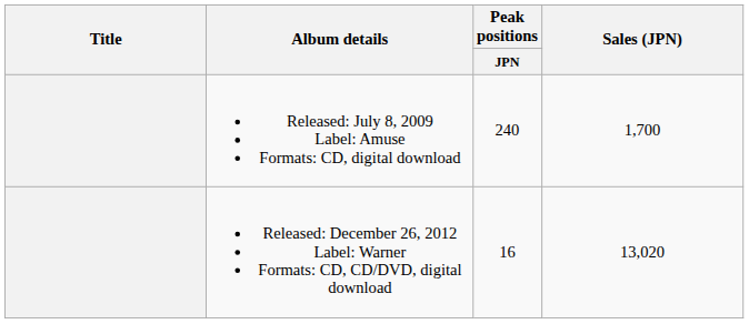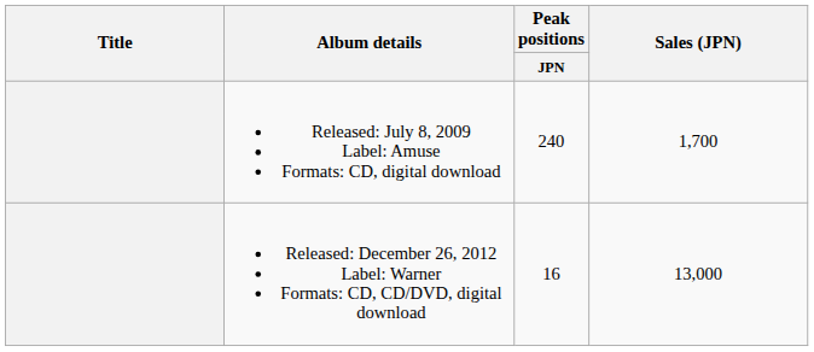 <table class="wikitable plainrowheaders" style="text-align:center;">
 <tr>
 <th style="width:12em;" rowspan="2">Title</th>
 <th style="width:16em;" rowspan="2">Album details</th>
 <th colspan="1">Peak positions</th>
 <th style="width:12em;" rowspan="2">Sales (JPN)</th>
 </tr>
 <tr>
 <th style="width:2.5em;"><small>JPN</small><br></th>
 </tr>
 <tr>
 <th scope="row"></th>
 <td><br><ul><li>Released: July 8, 2009</li><li>Label: Amuse</li><li>Formats: CD, digital download</li></ul></td>
 <td>240</td>
 <td>1,700</td>
 </tr>
 <tr>
 <th scope="row"></th>
 <td><br><ul><li>Released: December 26, 2012</li><li>Label: Warner</li><li>Formats: CD, CD/DVD, digital download</li></ul></td>
 <td>16</td>
-<td>13,020</td>
+<td>13,000</td>
 </tr>
 </table>
